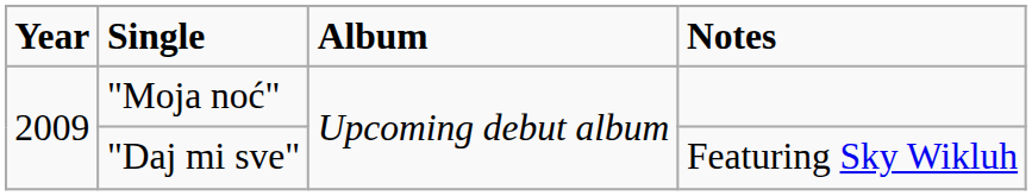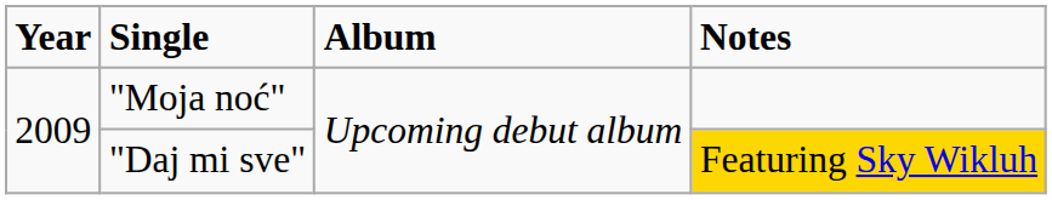 <table class="sortable wikitable" style="font-size:97%;">
 <tr>
 <td><strong>Year</strong></td>
 <td><strong>Single</strong></td>
 <td><strong>Album</strong></td>
 <td><strong>Notes</strong></td>
 </tr>
 <tr>
 <td rowspan="2">2009</td>
 <td>"Moja noć"</td>
 <td rowspan="2"><em>Upcoming debut album</em></td>
 <td></td>
 </tr>
 <tr>
 <td>"Daj mi sve"</td>
-<td>Featuring <a href='#'>Sky Wikluh</a></td>
+<td style="background: gold;">Featuring <a href='#'>Sky Wikluh</a></td>
 </tr>
 </table>
